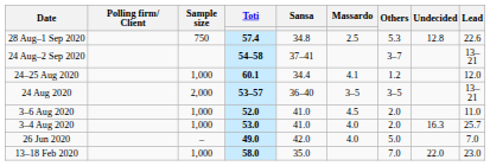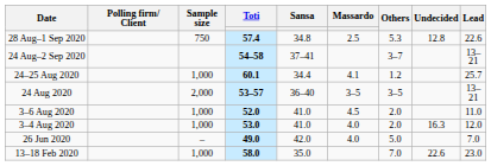 <table class="wikitable collapsible collapsed" style="text-align:center;font-size:85%;line-height:13px">
 <tr style="height:30px; background-color:#E9E9E9">
 <th style="width:110px;" rowspan="2">Date</th>
 <th style="width:120px;" rowspan="2">Polling firm/<br>Client</th>
 <th style="width:60px;" rowspan="2">Sample size</th>
 <th style="width:65px;"><a href='#'>Toti</a></th>
 <th style="width:65px;">Sansa</th>
 <th style="width:65px;">Massardo</th>
 <th style="width:35px;" rowspan="2">Others</th>
 <th style="width:35px;" rowspan="2">Undecided</th>
 <th style="width:25px;" rowspan="2">Lead</th>
 </tr>
 <tr>
 <th style="background:"></th>
 <th style="background:"></th>
 <th style="background:"></th>
 </tr>
 <tr>
 <td>28 Aug–1 Sep 2020</td>
 <td></td>
 <td>750</td>
 <td style="background:#C8EBFF"><strong>57.4</strong></td>
 <td>34.8</td>
 <td>2.5</td>
 <td>5.3</td>
 <td>12.8</td>
 <td style="background:">22.6</td>
 </tr>
 <tr>
 <td>24 Aug–2 Sep 2020</td>
 <td></td>
 <td></td>
 <td style="background:#C8EBFF"><strong>54–58</strong></td>
 <td>37–41</td>
 <td></td>
 <td>3–7</td>
 <td></td>
 <td style="background:">13–21</td>
 </tr>
 <tr>
 <td>24–25 Aug 2020</td>
 <td></td>
 <td>1,000</td>
 <td style="background:#C8EBFF"><strong>60.1</strong></td>
 <td>34.4</td>
 <td>4.1</td>
 <td>1.2</td>
 <td></td>
-<td style="background:">12.0</td>
+<td style="background:">25.7</td>
 </tr>
 <tr>
 <td>24 Aug 2020</td>
 <td></td>
 <td>2,000</td>
 <td style="background:#C8EBFF"><strong>53–57</strong></td>
 <td>36–40</td>
 <td>3–5</td>
 <td>3–5</td>
 <td></td>
 <td style="background:">13–21</td>
 </tr>
 <tr>
 <td>3–6 Aug 2020</td>
 <td></td>
 <td>1,000</td>
 <td style="background:#C8EBFF"><strong>52.0</strong></td>
 <td>41.0</td>
 <td>4.5</td>
 <td>2.0</td>
 <td></td>
 <td style="background:">11.0</td>
 </tr>
 <tr>
 <td>3–4 Aug 2020</td>
 <td></td>
 <td>1,000</td>
 <td style="background:#C8EBFF"><strong>53.0</strong></td>
 <td>41.0</td>
 <td>4.0</td>
 <td>2.0</td>
 <td>16.3</td>
-<td style="background:">25.7</td>
+<td style="background:">12.0</td>
 </tr>
 <tr>
 <td>26 Jun 2020</td>
 <td></td>
 <td>–</td>
 <td style="background:#C8EBFF"><strong>49.0</strong></td>
 <td>42.0</td>
 <td>4.0</td>
 <td>5.0</td>
 <td></td>
 <td style="background:">7.0</td>
 </tr>
 <tr>
 <td>13–18 Feb 2020</td>
 <td></td>
 <td>1,000</td>
 <td style="background:#C8EBFF"><strong>58.0</strong></td>
 <td>35.0</td>
 <td></td>
 <td>7.0</td>
-<td>22.0</td>
+<td>22.6</td>
 <td style="background:">23.0</td>
 </tr>
 </table>
